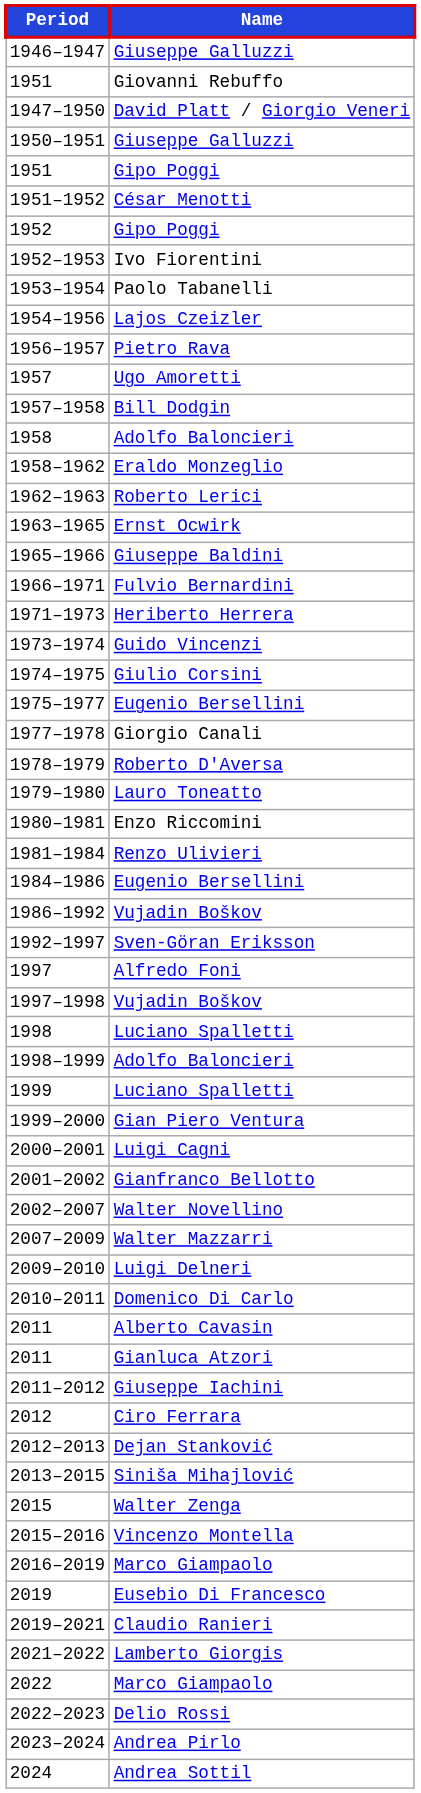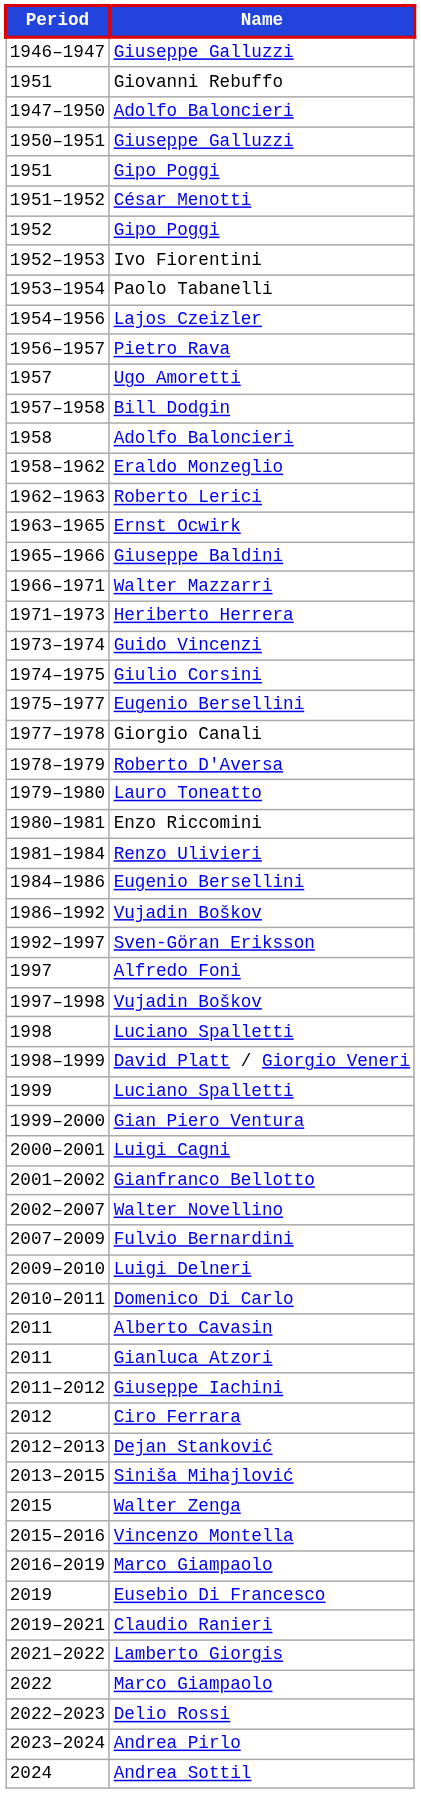 <table class="wikitable" style="background:transparent; font-size:90%;">
 <tr>
 <th style="background:#2244DD; color:#FFFFFF; border:2px solid #DD0000;">Period</th>
 <th style="background:#2244DD; color:#FFFFFF; border:2px solid #DD0000;">Name</th>
 </tr>
 <tr>
 <td>1946–1947</td>
 <td> <a href='#'>Giuseppe Galluzzi</a></td>
 </tr>
 <tr>
 <td>1951</td>
 <td> Giovanni Rebuffo</td>
 </tr>
 <tr>
 <td>1947–1950</td>
-<td> <a href='#'>David Platt</a> /  <a href='#'>Giorgio Veneri</a></td>
+<td> <a href='#'>Adolfo Baloncieri</a></td>
 </tr>
 <tr>
 <td>1950–1951</td>
 <td> <a href='#'>Giuseppe Galluzzi</a></td>
 </tr>
 <tr>
 <td>1951</td>
 <td> <a href='#'>Gipo Poggi</a></td>
 </tr>
 <tr>
 <td>1951–1952</td>
 <td> <a href='#'>César Menotti</a></td>
 </tr>
 <tr>
 <td>1952</td>
 <td> <a href='#'>Gipo Poggi</a></td>
 </tr>
 <tr>
 <td>1952–1953</td>
 <td> Ivo Fiorentini</td>
 </tr>
 <tr>
 <td>1953–1954</td>
 <td> Paolo Tabanelli</td>
 </tr>
 <tr>
 <td>1954–1956</td>
 <td> <a href='#'>Lajos Czeizler</a></td>
 </tr>
 <tr>
 <td>1956–1957</td>
 <td> <a href='#'>Pietro Rava</a></td>
 </tr>
 <tr>
 <td>1957</td>
 <td> <a href='#'>Ugo Amoretti</a></td>
 </tr>
 <tr>
 <td>1957–1958</td>
 <td> <a href='#'>Bill Dodgin</a></td>
 </tr>
 <tr>
 <td>1958</td>
 <td> <a href='#'>Adolfo Baloncieri</a></td>
 </tr>
 <tr>
 <td>1958–1962</td>
 <td> <a href='#'>Eraldo Monzeglio</a></td>
 </tr>
 <tr>
 <td>1962–1963</td>
 <td> <a href='#'>Roberto Lerici</a></td>
 </tr>
 <tr>
 <td>1963–1965</td>
 <td> <a href='#'>Ernst Ocwirk</a></td>
 </tr>
 <tr>
 <td>1965–1966</td>
 <td> <a href='#'>Giuseppe Baldini</a></td>
 </tr>
 <tr>
 <td>1966–1971</td>
-<td> <a href='#'>Fulvio Bernardini</a></td>
+<td> <a href='#'>Walter Mazzarri</a></td>
 </tr>
 <tr>
 <td>1971–1973</td>
 <td> <a href='#'>Heriberto Herrera</a></td>
 </tr>
 <tr>
 <td>1973–1974</td>
 <td> <a href='#'>Guido Vincenzi</a></td>
 </tr>
 <tr>
 <td>1974–1975</td>
 <td> <a href='#'>Giulio Corsini</a></td>
 </tr>
 <tr>
 <td>1975–1977</td>
 <td> <a href='#'>Eugenio Bersellini</a></td>
 </tr>
 <tr>
 <td>1977–1978</td>
 <td> Giorgio Canali</td>
 </tr>
 <tr>
 <td>1978–1979</td>
 <td> <a href='#'>Roberto D'Aversa</a></td>
 </tr>
 <tr>
 <td>1979–1980</td>
 <td> <a href='#'>Lauro Toneatto</a></td>
 </tr>
 <tr>
 <td>1980–1981</td>
 <td> Enzo Riccomini</td>
 </tr>
 <tr>
 <td>1981–1984</td>
 <td> <a href='#'>Renzo Ulivieri</a></td>
 </tr>
 <tr>
 <td>1984–1986</td>
 <td> <a href='#'>Eugenio Bersellini</a></td>
 </tr>
 <tr>
 <td>1986–1992</td>
 <td> <a href='#'>Vujadin Boškov</a></td>
 </tr>
 <tr>
 <td>1992–1997</td>
 <td> <a href='#'>Sven-Göran Eriksson</a></td>
 </tr>
 <tr>
 <td>1997</td>
 <td> <a href='#'>Alfredo Foni</a></td>
 </tr>
 <tr>
 <td>1997–1998</td>
 <td> <a href='#'>Vujadin Boškov</a></td>
 </tr>
 <tr>
 <td>1998</td>
 <td> <a href='#'>Luciano Spalletti</a></td>
 </tr>
 <tr>
 <td>1998–1999</td>
-<td> <a href='#'>Adolfo Baloncieri</a></td>
+<td> <a href='#'>David Platt</a> /  <a href='#'>Giorgio Veneri</a></td>
 </tr>
 <tr>
 <td>1999</td>
 <td> <a href='#'>Luciano Spalletti</a></td>
 </tr>
 <tr>
 <td>1999–2000</td>
 <td> <a href='#'>Gian Piero Ventura</a></td>
 </tr>
 <tr>
 <td>2000–2001</td>
 <td> <a href='#'>Luigi Cagni</a></td>
 </tr>
 <tr>
 <td>2001–2002</td>
 <td> <a href='#'>Gianfranco Bellotto</a></td>
 </tr>
 <tr>
 <td>2002–2007</td>
 <td> <a href='#'>Walter Novellino</a></td>
 </tr>
 <tr>
 <td>2007–2009</td>
-<td> <a href='#'>Walter Mazzarri</a></td>
+<td> <a href='#'>Fulvio Bernardini</a></td>
 </tr>
 <tr>
 <td>2009–2010</td>
 <td> <a href='#'>Luigi Delneri</a></td>
 </tr>
 <tr>
 <td>2010–2011</td>
 <td> <a href='#'>Domenico Di Carlo</a></td>
 </tr>
 <tr>
 <td>2011</td>
 <td> <a href='#'>Alberto Cavasin</a></td>
 </tr>
 <tr>
 <td>2011</td>
 <td> <a href='#'>Gianluca Atzori</a></td>
 </tr>
 <tr>
 <td>2011–2012</td>
 <td> <a href='#'>Giuseppe Iachini</a></td>
 </tr>
 <tr>
 <td>2012</td>
 <td> <a href='#'>Ciro Ferrara</a></td>
 </tr>
 <tr>
 <td>2012–2013</td>
 <td> <a href='#'>Dejan Stanković</a></td>
 </tr>
 <tr>
 <td>2013–2015</td>
 <td> <a href='#'>Siniša Mihajlović</a></td>
 </tr>
 <tr>
 <td>2015</td>
 <td> <a href='#'>Walter Zenga</a></td>
 </tr>
 <tr>
 <td>2015–2016</td>
 <td> <a href='#'>Vincenzo Montella</a></td>
 </tr>
 <tr>
 <td>2016–2019</td>
 <td> <a href='#'>Marco Giampaolo</a></td>
 </tr>
 <tr>
 <td>2019</td>
 <td> <a href='#'>Eusebio Di Francesco</a></td>
 </tr>
 <tr>
 <td>2019–2021</td>
 <td> <a href='#'>Claudio Ranieri</a></td>
 </tr>
 <tr>
 <td>2021–2022</td>
 <td> <a href='#'>Lamberto Giorgis</a></td>
 </tr>
 <tr>
 <td>2022</td>
 <td> <a href='#'>Marco Giampaolo</a></td>
 </tr>
 <tr>
 <td>2022–2023</td>
 <td> <a href='#'>Delio Rossi</a></td>
 </tr>
 <tr>
 <td>2023–2024</td>
 <td> <a href='#'>Andrea Pirlo</a></td>
 </tr>
 <tr>
 <td>2024</td>
 <td> <a href='#'>Andrea Sottil</a></td>
 </tr>
 </table>
